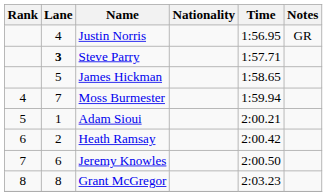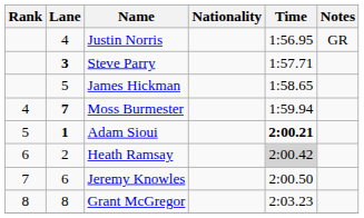 <table class="wikitable sortable" style="text-align:center">
 <tr>
 <th>Rank</th>
 <th>Lane</th>
 <th>Name</th>
 <th>Nationality</th>
 <th>Time</th>
 <th>Notes</th>
 </tr>
 <tr>
 <td></td>
 <td>4</td>
 <td align=left><a href='#'>Justin Norris</a></td>
 <td align=left></td>
 <td>1:56.95</td>
 <td>GR</td>
 </tr>
 <tr>
 <td></td>
 <td><strong>3</strong></td>
 <td align=left><a href='#'>Steve Parry</a></td>
 <td align=left></td>
 <td>1:57.71</td>
 <td></td>
 </tr>
 <tr>
 <td></td>
 <td>5</td>
 <td align=left><a href='#'>James Hickman</a></td>
 <td align=left></td>
 <td>1:58.65</td>
 <td></td>
 </tr>
 <tr>
 <td>4</td>
-<td>7</td>
+<td><strong>7</strong></td>
 <td align=left><a href='#'>Moss Burmester</a></td>
 <td align=left></td>
 <td>1:59.94</td>
 <td></td>
 </tr>
 <tr>
 <td>5</td>
-<td>1</td>
+<td><strong>1</strong></td>
 <td align=left><a href='#'>Adam Sioui</a></td>
 <td align=left></td>
-<td>2:00.21</td>
+<td><strong>2:00.21</strong></td>
 <td></td>
 </tr>
 <tr>
 <td>6</td>
 <td>2</td>
 <td align=left><a href='#'>Heath Ramsay</a></td>
 <td align=left></td>
-<td>2:00.42</td>
+<td style="background: lightgrey;">2:00.42</td>
 <td></td>
 </tr>
 <tr>
 <td>7</td>
 <td>6</td>
 <td align=left><a href='#'>Jeremy Knowles</a></td>
 <td align=left></td>
 <td>2:00.50</td>
 <td></td>
 </tr>
 <tr>
 <td>8</td>
 <td>8</td>
 <td align=left><a href='#'>Grant McGregor</a></td>
 <td align=left></td>
 <td>2:03.23</td>
 <td></td>
 </tr>
 <tr>
 </tr>
 </table>
